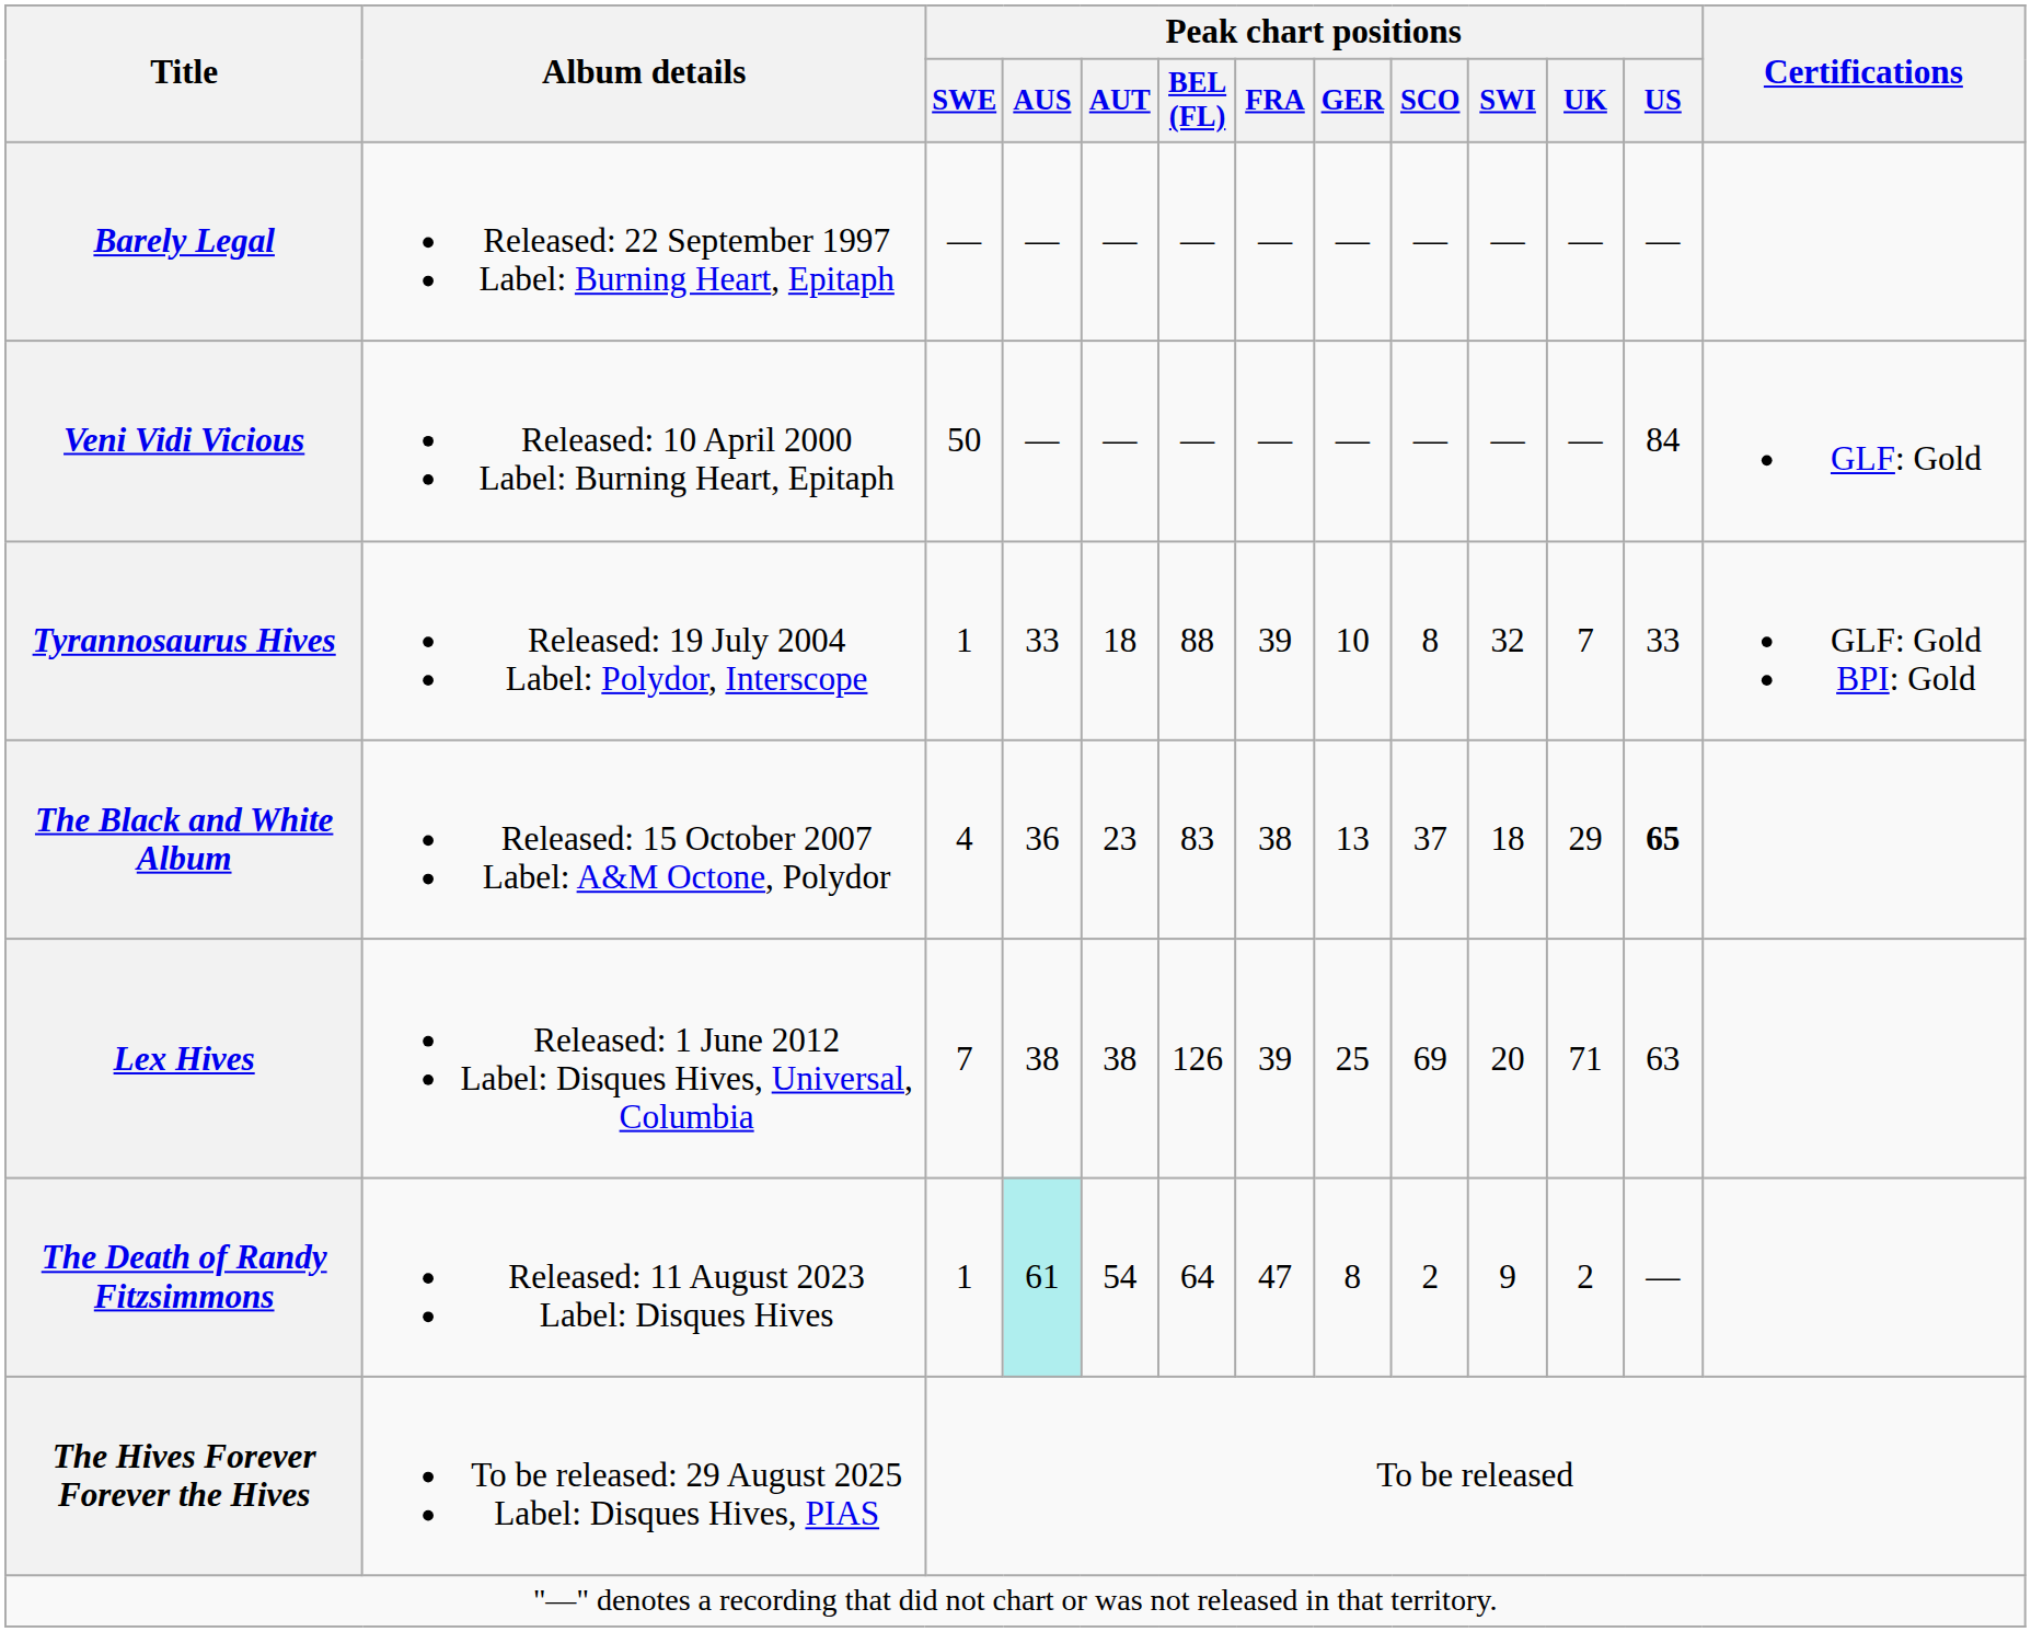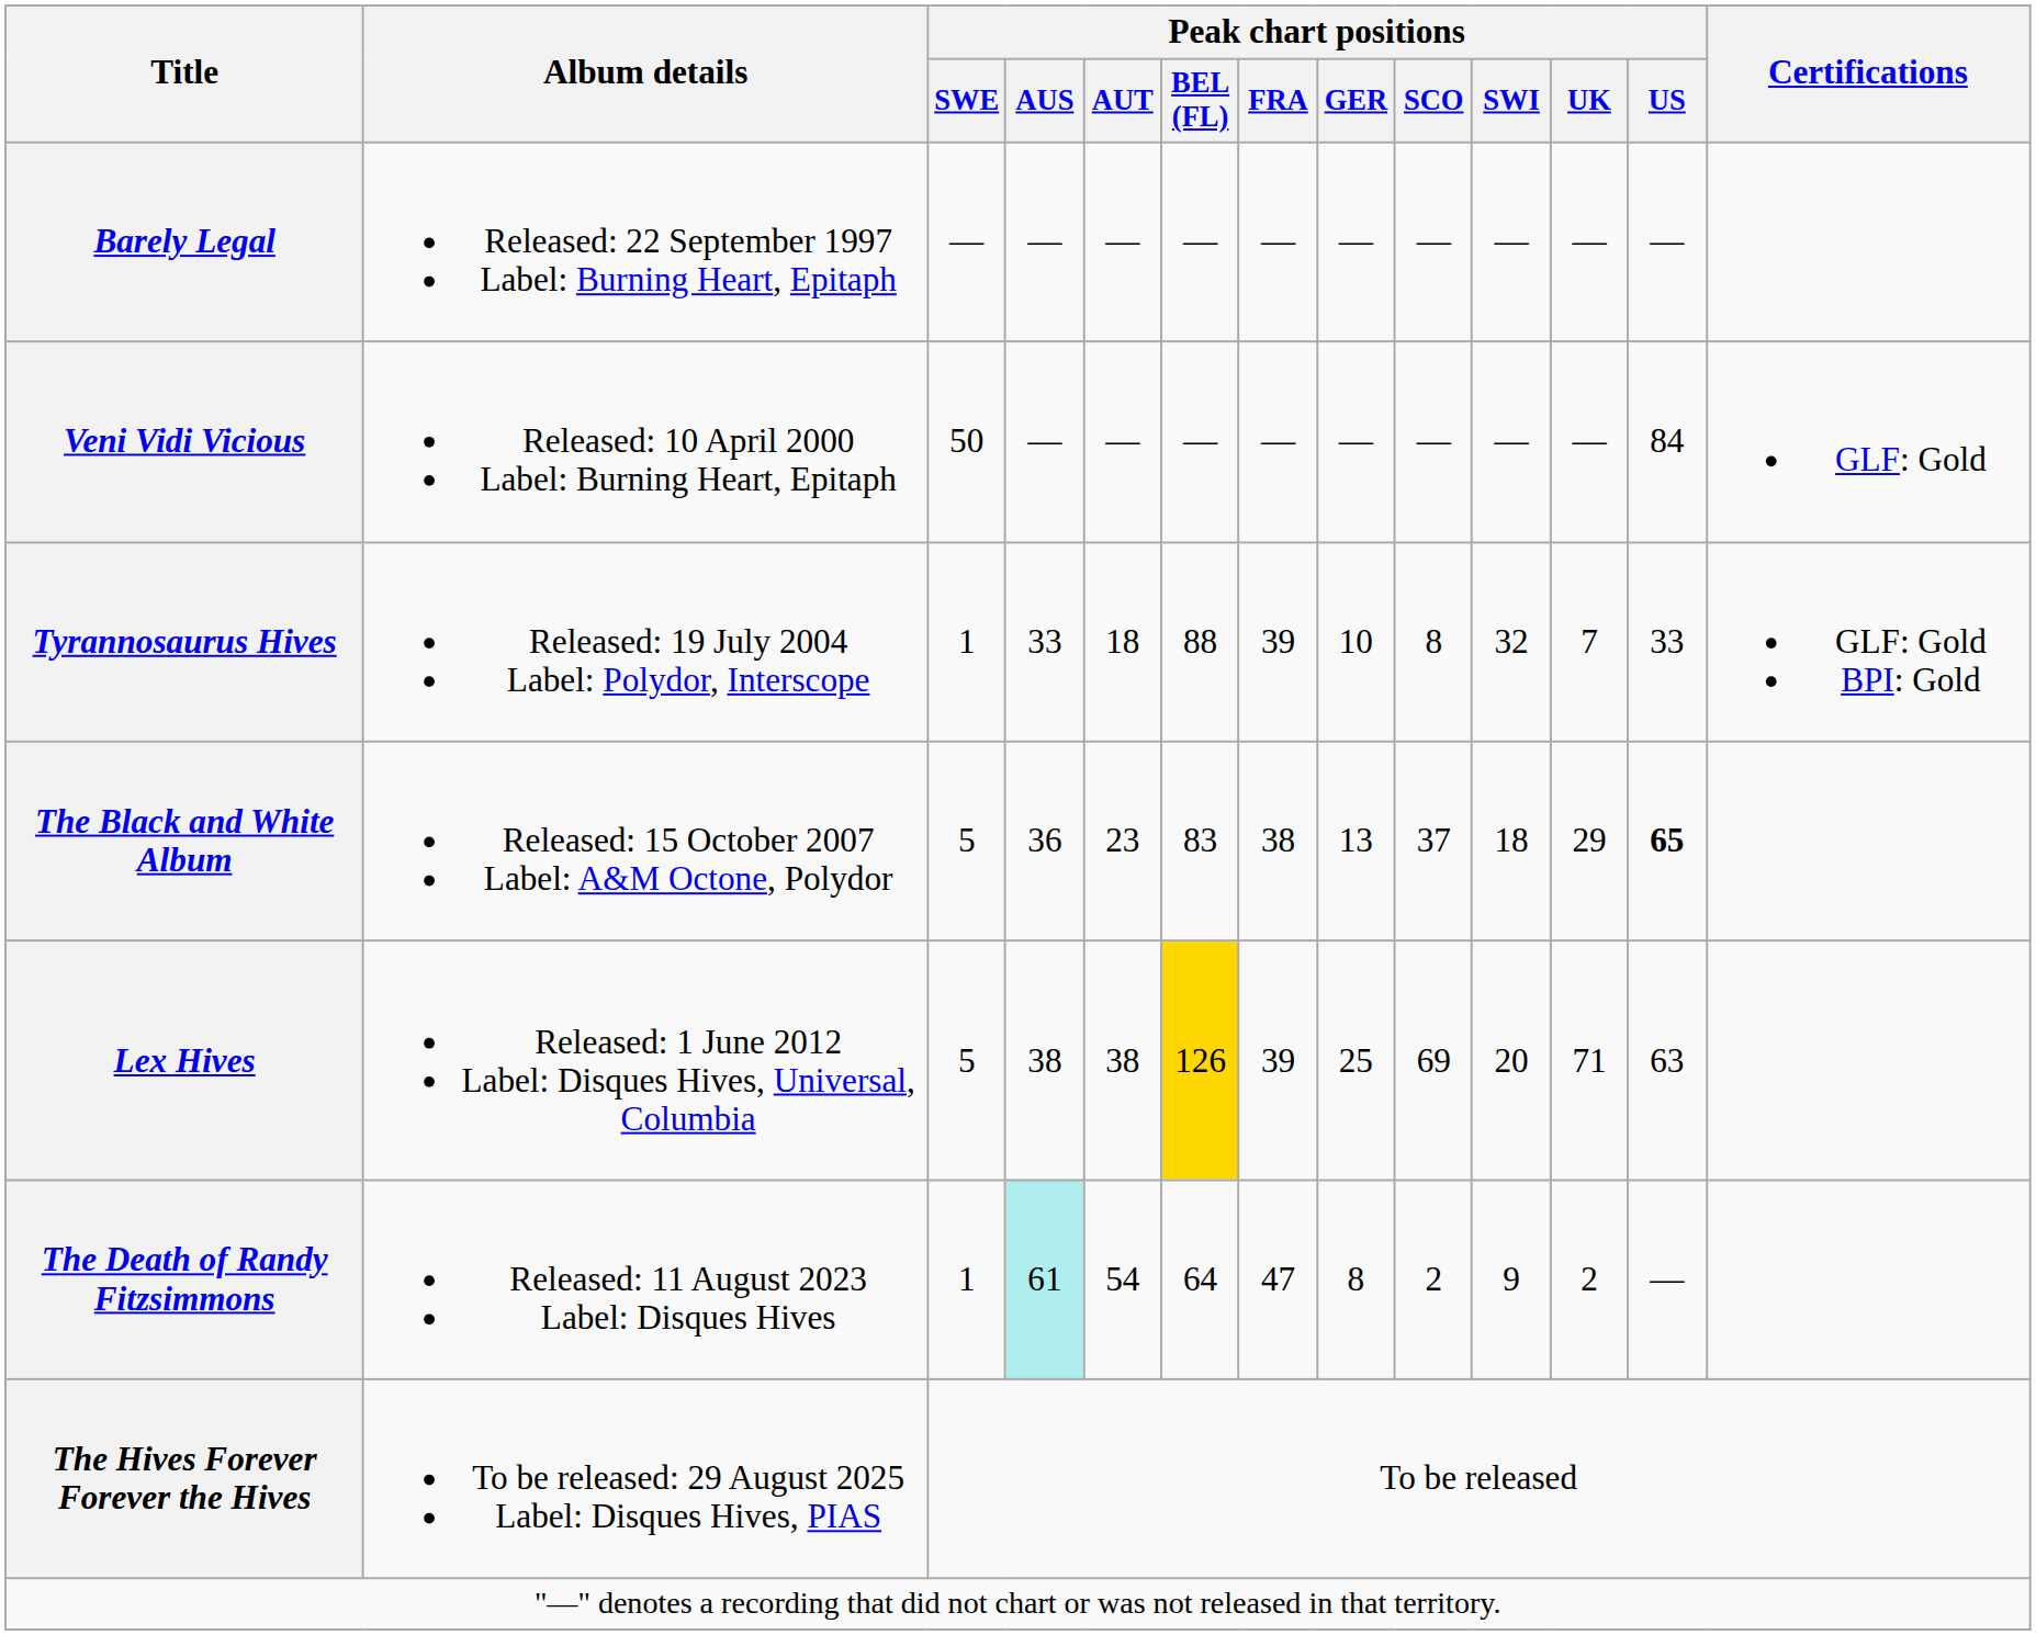 <table class="wikitable plainrowheaders" style="text-align:center;" border="1">
 <tr>
 <th scope="col" rowspan="2" style="width:10em;">Title</th>
 <th scope="col" rowspan="2" style="width:16em;">Album details</th>
 <th scope="col" colspan="10">Peak chart positions</th>
 <th scope="col" rowspan="2" style="width:9em;"><a href='#'>Certifications</a></th>
 </tr>
 <tr>
 <th scope="col" style="width:2.2em;font-size:85%;"><a href='#'>SWE</a><br></th>
 <th scope="col" style="width:2.2em;font-size:85%;"><a href='#'>AUS</a><br></th>
 <th scope="col" style="width:2.2em;font-size:85%;"><a href='#'>AUT</a><br></th>
 <th scope="col" style="width:2.2em;font-size:85%;"><a href='#'>BEL<br>(FL)</a><br></th>
 <th scope="col" style="width:2.2em;font-size:85%;"><a href='#'>FRA</a><br></th>
 <th scope="col" style="width:2.2em;font-size:85%;"><a href='#'>GER</a><br></th>
 <th scope="col" style="width:2.2em;font-size:85%;"><a href='#'>SCO</a><br></th>
 <th scope="col" style="width:2.2em;font-size:85%;"><a href='#'>SWI</a><br></th>
 <th scope="col" style="width:2.2em;font-size:85%;"><a href='#'>UK</a><br></th>
 <th scope="col" style="width:2.2em;font-size:85%;"><a href='#'>US</a><br></th>
 </tr>
 <tr>
 <th scope="row"><em><a href='#'>Barely Legal</a></em></th>
 <td><br><ul><li>Released: 22 September 1997</li><li>Label: <a href='#'>Burning Heart</a>, <a href='#'>Epitaph</a></li></ul></td>
 <td>—</td>
 <td>—</td>
 <td>—</td>
 <td>—</td>
 <td>—</td>
 <td>—</td>
 <td>—</td>
 <td>—</td>
 <td>—</td>
 <td>—</td>
 <td></td>
 </tr>
 <tr>
 <th scope="row"><em><a href='#'>Veni Vidi Vicious</a></em></th>
 <td><br><ul><li>Released: 10 April 2000</li><li>Label: Burning Heart, Epitaph</li></ul></td>
 <td>50</td>
 <td>—</td>
 <td>—</td>
 <td>—</td>
 <td>—</td>
 <td>—</td>
 <td>—</td>
 <td>—</td>
 <td>—</td>
 <td>84</td>
 <td><br><ul><li><a href='#'>GLF</a>: Gold</li></ul></td>
 </tr>
 <tr>
 <th scope="row"><em><a href='#'>Tyrannosaurus Hives</a></em></th>
 <td><br><ul><li>Released: 19 July 2004</li><li>Label: <a href='#'>Polydor</a>, <a href='#'>Interscope</a></li></ul></td>
 <td>1</td>
 <td>33</td>
 <td>18</td>
 <td>88</td>
 <td>39</td>
 <td>10</td>
 <td>8</td>
 <td>32</td>
 <td>7</td>
 <td>33</td>
 <td><br><ul><li>GLF: Gold</li><li><a href='#'>BPI</a>: Gold</li></ul></td>
 </tr>
 <tr>
 <th scope="row"><em><a href='#'>The Black and White Album</a></em></th>
 <td><br><ul><li>Released: 15 October 2007</li><li>Label: <a href='#'>A&M Octone</a>, Polydor</li></ul></td>
-<td>4</td>
+<td>5</td>
 <td>36</td>
 <td>23</td>
 <td>83</td>
 <td>38</td>
 <td>13</td>
 <td>37</td>
 <td>18</td>
 <td>29</td>
 <td><strong>65</strong></td>
 <td></td>
 </tr>
 <tr>
 <th scope="row"><em><a href='#'>Lex Hives</a></em></th>
 <td><br><ul><li>Released: 1 June 2012</li><li>Label: Disques Hives, <a href='#'>Universal</a>, <a href='#'>Columbia</a></li></ul></td>
-<td>7</td>
+<td>5</td>
 <td>38</td>
 <td>38</td>
-<td>126</td>
+<td style="background: gold;">126</td>
 <td>39</td>
 <td>25</td>
 <td>69</td>
 <td>20</td>
 <td>71</td>
 <td>63</td>
 <td></td>
 </tr>
 <tr>
 <th scope="row"><em><a href='#'>The Death of Randy Fitzsimmons</a></em></th>
 <td><br><ul><li>Released: 11 August 2023</li><li>Label: Disques Hives</li></ul></td>
 <td>1</td>
 <td style="background: paleturquoise;">61</td>
 <td>54</td>
 <td>64</td>
 <td>47</td>
 <td>8</td>
 <td>2</td>
 <td>9</td>
 <td>2</td>
 <td>—</td>
 <td></td>
 </tr>
 <tr>
 <th scope="row"><em>The Hives Forever Forever the Hives</em></th>
 <td><br><ul><li>To be released: 29 August 2025</li><li>Label: Disques Hives, <a href='#'>PIAS</a></li></ul></td>
 <td colspan="11">To be released</td>
 </tr>
 <tr>
 <td colspan="17" style="font-size:90%">"—" denotes a recording that did not chart or was not released in that territory.</td>
 </tr>
 </table>
